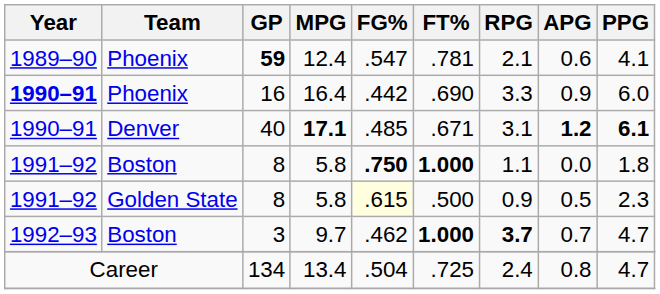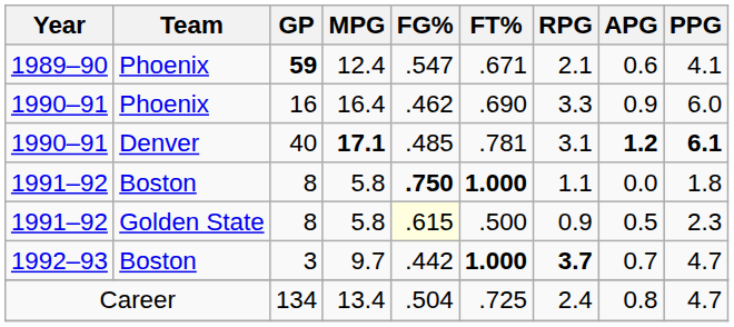 <table class="wikitable sortable" style="font-size:95%; text-align:right;">
 <tr>
 <th>Year</th>
 <th>Team</th>
 <th>GP</th>
 <th>MPG</th>
 <th>FG%</th>
 <th>FT%</th>
 <th>RPG</th>
 <th>APG</th>
 <th>PPG</th>
 </tr>
 <tr>
 <td style="text-align:left;"><a href='#'>1989–90</a></td>
 <td style="text-align:left;"><a href='#'>Phoenix</a></td>
 <td><strong>59</strong></td>
 <td>12.4</td>
 <td>.547</td>
-<td>.781</td>
+<td>.671</td>
 <td>2.1</td>
 <td>0.6</td>
 <td>4.1</td>
 </tr>
 <tr>
-<td style="text-align:left;"><strong><a href='#'>1990–91</a></strong></td>
+<td style="text-align:left;"><a href='#'>1990–91</a></td>
 <td style="text-align:left;"><a href='#'>Phoenix</a></td>
 <td>16</td>
 <td>16.4</td>
-<td>.442</td>
+<td>.462</td>
 <td>.690</td>
 <td>3.3</td>
 <td>0.9</td>
 <td>6.0</td>
 </tr>
 <tr>
 <td style="text-align:left;"><a href='#'>1990–91</a></td>
 <td style="text-align:left;"><a href='#'>Denver</a></td>
 <td>40</td>
 <td><strong>17.1</strong></td>
 <td>.485</td>
-<td>.671</td>
+<td>.781</td>
 <td>3.1</td>
 <td><strong>1.2</strong></td>
 <td><strong>6.1</strong></td>
 </tr>
 <tr>
 <td style="text-align:left;"><a href='#'>1991–92</a></td>
 <td style="text-align:left;"><a href='#'>Boston</a></td>
 <td>8</td>
 <td>5.8</td>
 <td><strong>.750</strong></td>
 <td><strong>1.000</strong></td>
 <td>1.1</td>
 <td>0.0</td>
 <td>1.8</td>
 </tr>
 <tr>
 <td style="text-align:left;"><a href='#'>1991–92</a></td>
 <td style="text-align:left;"><a href='#'>Golden State</a></td>
 <td>8</td>
 <td>5.8</td>
 <td style="background: lightyellow;">.615</td>
 <td>.500</td>
 <td>0.9</td>
 <td>0.5</td>
 <td>2.3</td>
 </tr>
 <tr>
 <td style="text-align:left;"><a href='#'>1992–93</a></td>
 <td style="text-align:left;"><a href='#'>Boston</a></td>
 <td>3</td>
 <td>9.7</td>
-<td>.462</td>
+<td>.442</td>
 <td><strong>1.000</strong></td>
 <td><strong>3.7</strong></td>
 <td>0.7</td>
 <td>4.7</td>
 </tr>
 <tr>
 </tr>
 <tr class="sortbottom">
 <td style="text-align:center;" colspan="2">Career</td>
 <td>134</td>
 <td>13.4</td>
 <td>.504</td>
 <td>.725</td>
 <td>2.4</td>
 <td>0.8</td>
 <td>4.7</td>
 </tr>
 <tr>
 </tr>
 </table>
